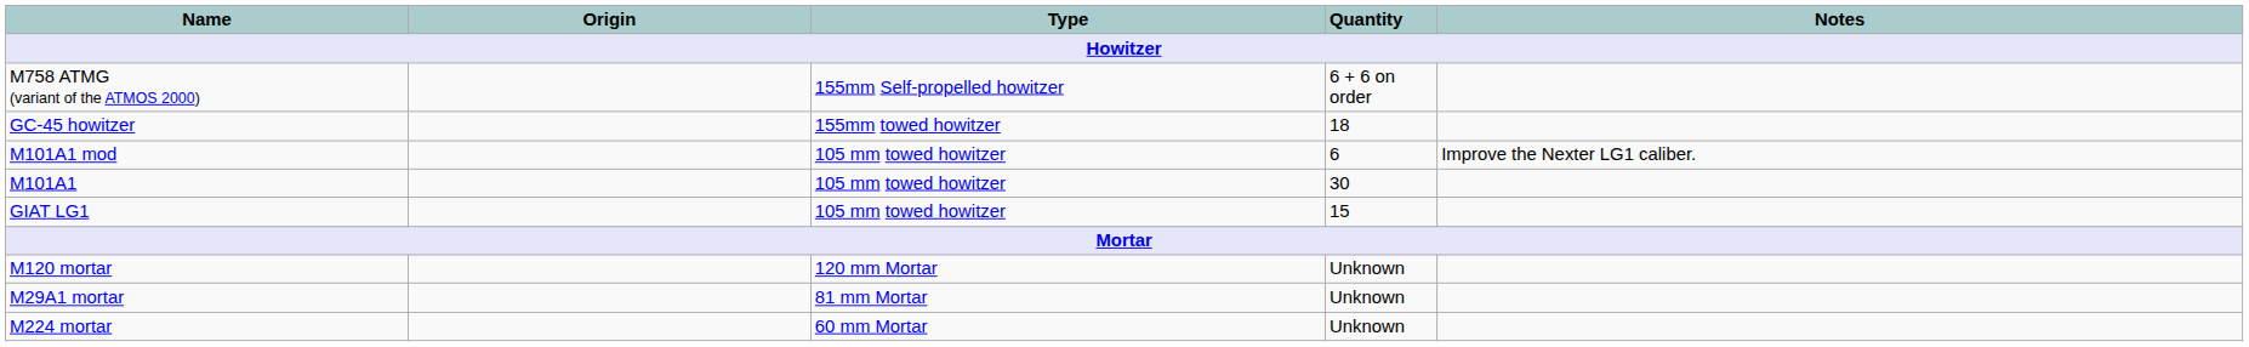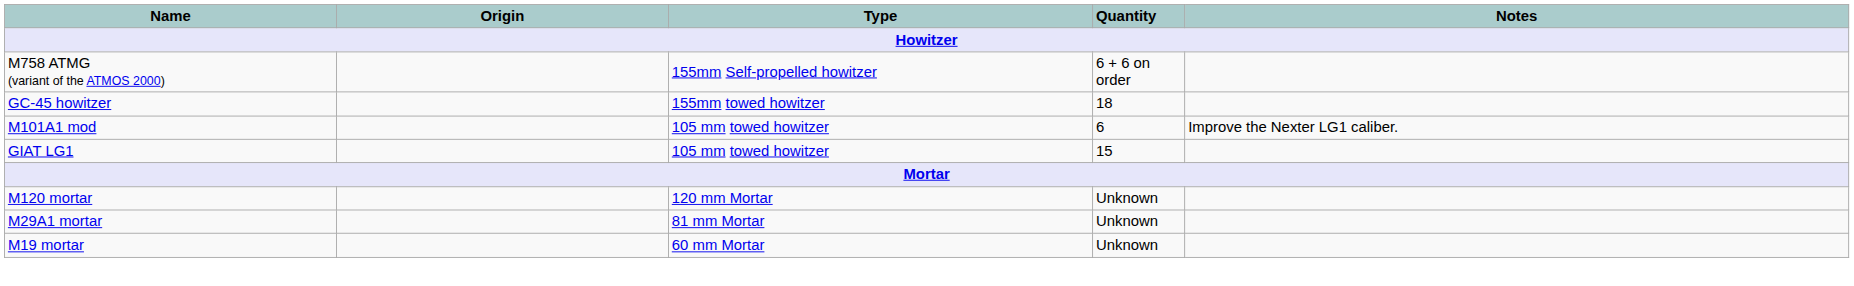 <table class="wikitable";" width="100%">
 <tr>
 <th style="text-align:center; background:#acc;"width="18%">Name</th>
 <th style="text-align: center; background:#acc;"width="18%">Origin</th>
 <th style="text-align:l center; background:#acc;"width="23%">Type</th>
 <th style="text-align:left; background:#acc;"width="5%">Quantity</th>
 <th style="text-align: center; background:#acc;">Notes</th>
 </tr>
 <tr>
 <th colspan="5" style="align: center; background: lavender;"><a href='#'>Howitzer</a></th>
 </tr>
 <tr>
 <td>M758 ATMG<br><small>(variant of the <a href='#'>ATMOS 2000</a>)</small></td>
 <td><br></td>
 <td><a href='#'>155mm</a> <a href='#'>Self-propelled howitzer</a></td>
 <td>6 + 6 on order</td>
 <td></td>
 </tr>
 <tr>
 <td><a href='#'>GC-45 howitzer</a></td>
 <td></td>
 <td><a href='#'>155mm</a> <a href='#'>towed howitzer</a></td>
 <td>18</td>
 <td></td>
 </tr>
 <tr>
 <td><a href='#'>M101A1 mod</a></td>
 <td></td>
 <td><a href='#'>105 mm</a> <a href='#'>towed howitzer</a></td>
 <td>6</td>
 <td>Improve the Nexter LG1 caliber.</td>
 </tr>
 <tr>
-<td><a href='#'>M101A1</a></td>
-<td></td>
-<td><a href='#'>105 mm</a> <a href='#'>towed howitzer</a></td>
-<td>30</td>
-<td></td>
-</tr>
-<tr>
 <td><a href='#'>GIAT LG1</a></td>
 <td></td>
 <td><a href='#'>105 mm</a> <a href='#'>towed howitzer</a></td>
 <td>15</td>
 <td></td>
 </tr>
 <tr>
 <th colspan="5" style="align: center; background: lavender;"><a href='#'>Mortar</a></th>
 </tr>
 <tr>
 <td><a href='#'>M120 mortar</a></td>
 <td></td>
 <td><a href='#'>120 mm Mortar</a></td>
 <td>Unknown</td>
 <td></td>
 </tr>
 <tr>
 <td><a href='#'>M29A1 mortar</a></td>
 <td></td>
 <td><a href='#'>81 mm Mortar</a></td>
 <td>Unknown</td>
 <td></td>
 </tr>
 <tr>
-<td><a href='#'>M224 mortar</a></td>
+<td><a href='#'>M19 mortar</a></td>
 <td></td>
 <td><a href='#'>60 mm Mortar</a></td>
 <td>Unknown</td>
 <td></td>
 </tr>
 </table>
